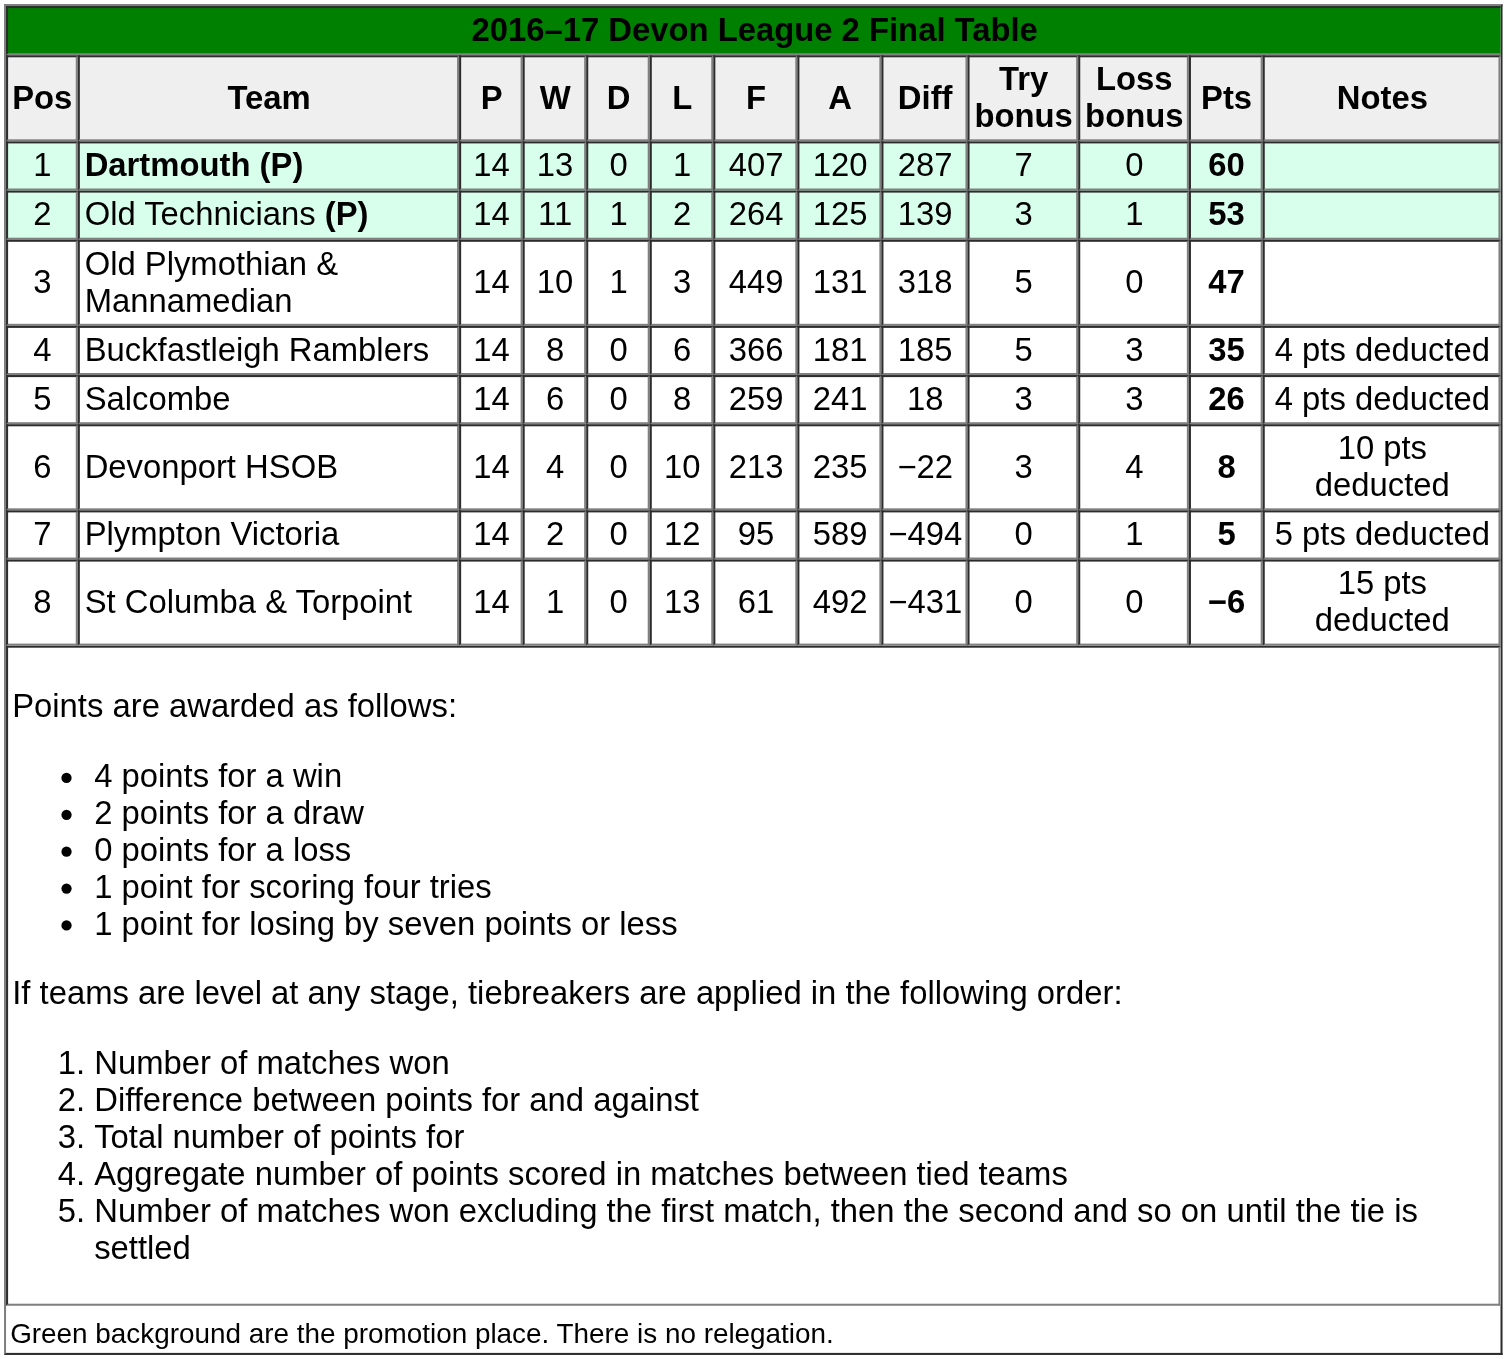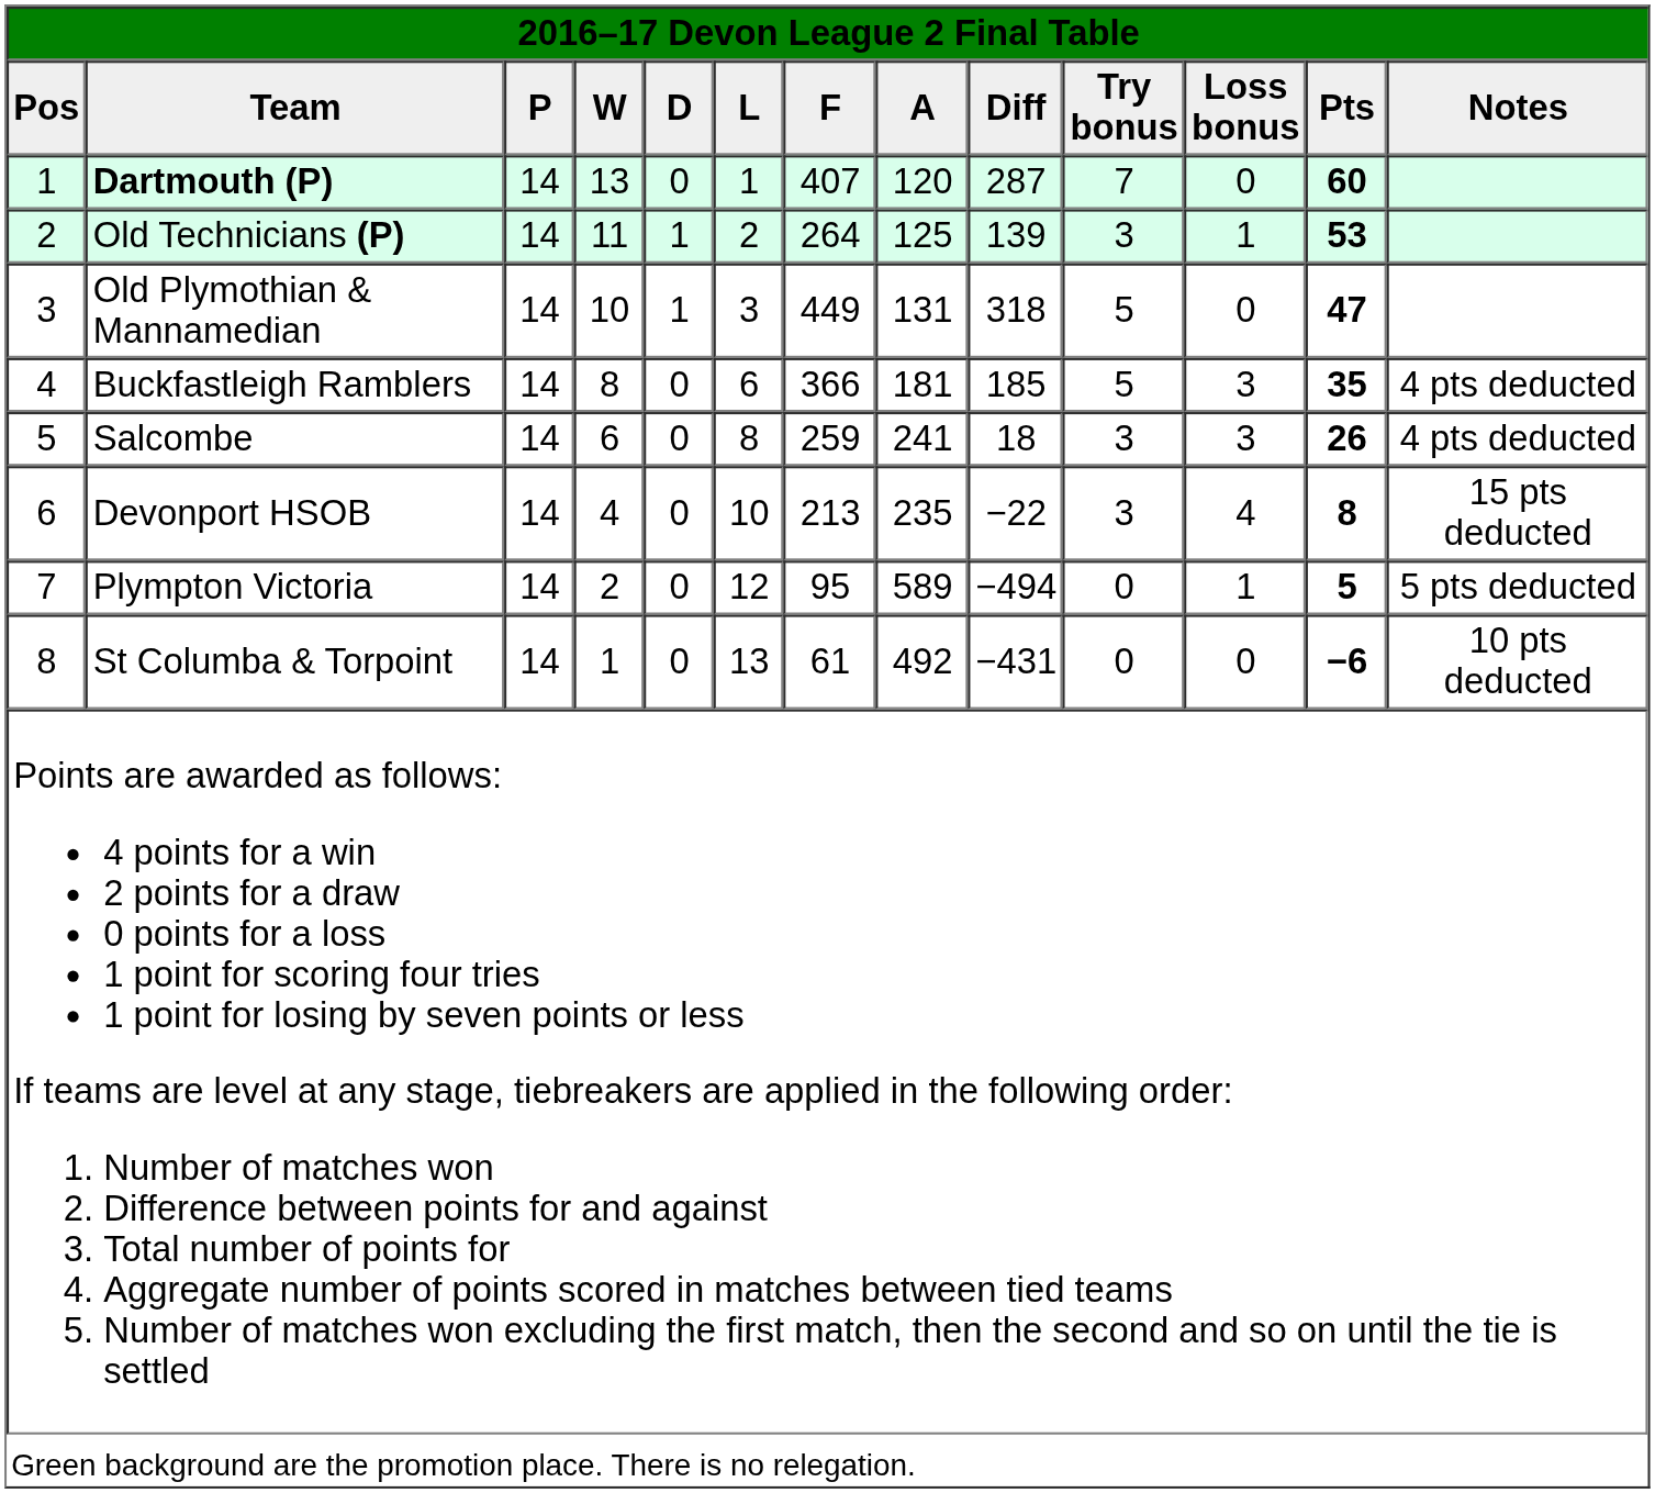 <table border="1" cellpadding="2" cellspacing="0">
 <tr bgcolor="green">
 <th colspan=13 style="border-right:0px;";>2016–17 Devon League 2 Final Table</th>
 </tr>
 <tr bgcolor="#efefef">
 <th width="20">Pos</th>
 <th width="180">Team</th>
 <th width="25">P</th>
 <th width="25">W</th>
 <th width="25">D</th>
 <th width="25">L</th>
 <th width="35">F</th>
 <th width="35">A</th>
 <th width="35">Diff</th>
 <th width="35">Try bonus</th>
 <th width="35">Loss bonus</th>
 <th width="30">Pts</th>
 <th width="110">Notes</th>
 </tr>
 <tr bgcolor=#d8ffeb align=center>
 <td>1</td>
 <td align=left><strong>Dartmouth</strong> <strong>(P)</strong></td>
 <td>14</td>
 <td>13</td>
 <td>0</td>
 <td>1</td>
 <td>407</td>
 <td>120</td>
 <td>287</td>
 <td>7</td>
 <td>0</td>
 <td><strong>60</strong></td>
 <td></td>
 </tr>
 <tr bgcolor=#d8ffeb align=center>
 <td>2</td>
 <td align=left>Old Technicians <strong>(P)</strong></td>
 <td>14</td>
 <td>11</td>
 <td>1</td>
 <td>2</td>
 <td>264</td>
 <td>125</td>
 <td>139</td>
 <td>3</td>
 <td>1</td>
 <td><strong>53</strong></td>
 <td></td>
 </tr>
 <tr align=center>
 <td>3</td>
 <td align=left>Old Plymothian & Mannamedian</td>
 <td>14</td>
 <td>10</td>
 <td>1</td>
 <td>3</td>
 <td>449</td>
 <td>131</td>
 <td>318</td>
 <td>5</td>
 <td>0</td>
 <td><strong>47</strong></td>
 <td></td>
 </tr>
 <tr align=center>
 <td>4</td>
 <td align=left>Buckfastleigh Ramblers</td>
 <td>14</td>
 <td>8</td>
 <td>0</td>
 <td>6</td>
 <td>366</td>
 <td>181</td>
 <td>185</td>
 <td>5</td>
 <td>3</td>
 <td><strong>35</strong></td>
 <td>4 pts deducted</td>
 </tr>
 <tr align=center>
 <td>5</td>
 <td align=left>Salcombe</td>
 <td>14</td>
 <td>6</td>
 <td>0</td>
 <td>8</td>
 <td>259</td>
 <td>241</td>
 <td>18</td>
 <td>3</td>
 <td>3</td>
 <td><strong>26</strong></td>
 <td>4 pts deducted</td>
 </tr>
 <tr align=center>
 <td>6</td>
 <td align=left>Devonport HSOB</td>
 <td>14</td>
 <td>4</td>
 <td>0</td>
 <td>10</td>
 <td>213</td>
 <td>235</td>
 <td>−22</td>
 <td>3</td>
 <td>4</td>
 <td><strong>8</strong></td>
-<td>10 pts deducted</td>
+<td>15 pts deducted</td>
 </tr>
 <tr align=center>
 <td>7</td>
 <td align=left>Plympton Victoria</td>
 <td>14</td>
 <td>2</td>
 <td>0</td>
 <td>12</td>
 <td>95</td>
 <td>589</td>
 <td>−494</td>
 <td>0</td>
 <td>1</td>
 <td><strong>5</strong></td>
 <td>5 pts deducted</td>
 </tr>
 <tr align=center>
 <td>8</td>
 <td align=left>St Columba & Torpoint</td>
 <td>14</td>
 <td>1</td>
 <td>0</td>
 <td>13</td>
 <td>61</td>
 <td>492</td>
 <td>−431</td>
 <td>0</td>
 <td>0</td>
 <td><strong>−6</strong></td>
-<td>15 pts deducted</td>
+<td>10 pts deducted</td>
 </tr>
 <tr align=center>
 </tr>
 <tr bgcolor=#ffffff>
 <td colspan="13"><br>Points are awarded as follows:<ul><li>4 points for a win</li><li>2 points for a draw</li><li>0 points for a loss</li><li>1 point for scoring four tries</li><li>1 point for losing by seven points or less</li></ul>If teams are level at any stage, tiebreakers are applied in the following order:<ol><li>Number of matches won</li><li>Difference between points for and against</li><li>Total number of points for</li><li>Aggregate number of points scored in matches between tied teams</li><li>Number of matches won excluding the first match, then the second and so on until the tie is settled</li></ol></td>
 </tr>
 <tr |align=centre|>
 <td colspan="12" style="border:0px"></td>
 </tr>
 <tr align=centre>
 <td colspan="15" style="border:0px;font-size:85%;"><span>Green background</span> are the promotion place. There is no relegation.</td>
 </tr>
 </table>
